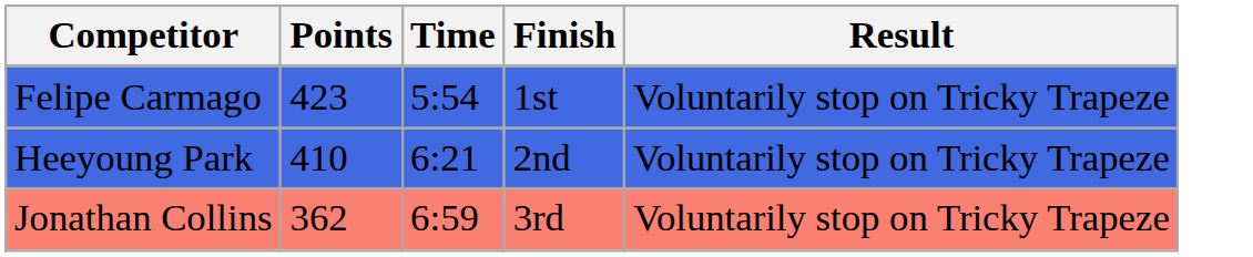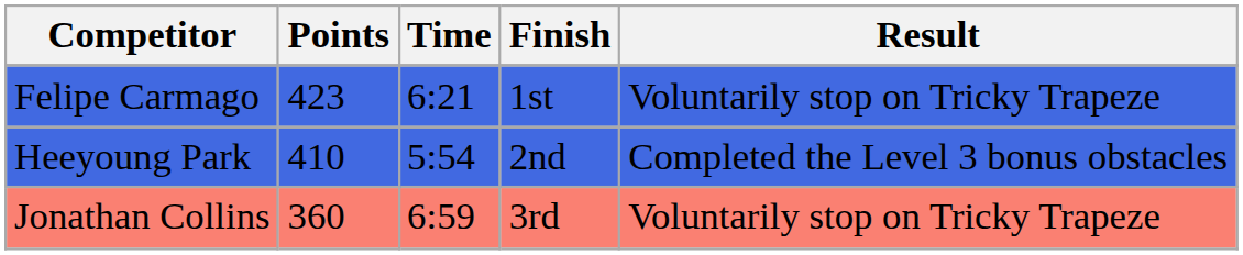 <table class="wikitable sortable">
 <tr>
 <th nowrap="nowrap">Competitor</th>
 <th>Points</th>
 <th>Time</th>
 <th>Finish</th>
 <th>Result</th>
 </tr>
 <tr>
 </tr>
 <tr style="background:royalblue;">
 <td> Felipe Carmago</td>
 <td>423</td>
-<td>5:54</td>
+<td>6:21</td>
 <td>1st</td>
 <td>Voluntarily stop on Tricky Trapeze</td>
 </tr>
 <tr>
 </tr>
 <tr style="background:royalblue;">
 <td> Heeyoung Park</td>
 <td>410</td>
-<td>6:21</td>
+<td>5:54</td>
 <td>2nd</td>
-<td>Voluntarily stop on Tricky Trapeze</td>
+<td>Completed the Level 3 bonus obstacles</td>
 </tr>
 <tr style="background-color:#fa8072">
 <td> Jonathan Collins</td>
-<td>362</td>
+<td>360</td>
 <td>6:59</td>
 <td>3rd</td>
 <td>Voluntarily stop on Tricky Trapeze</td>
 </tr>
 </table>
